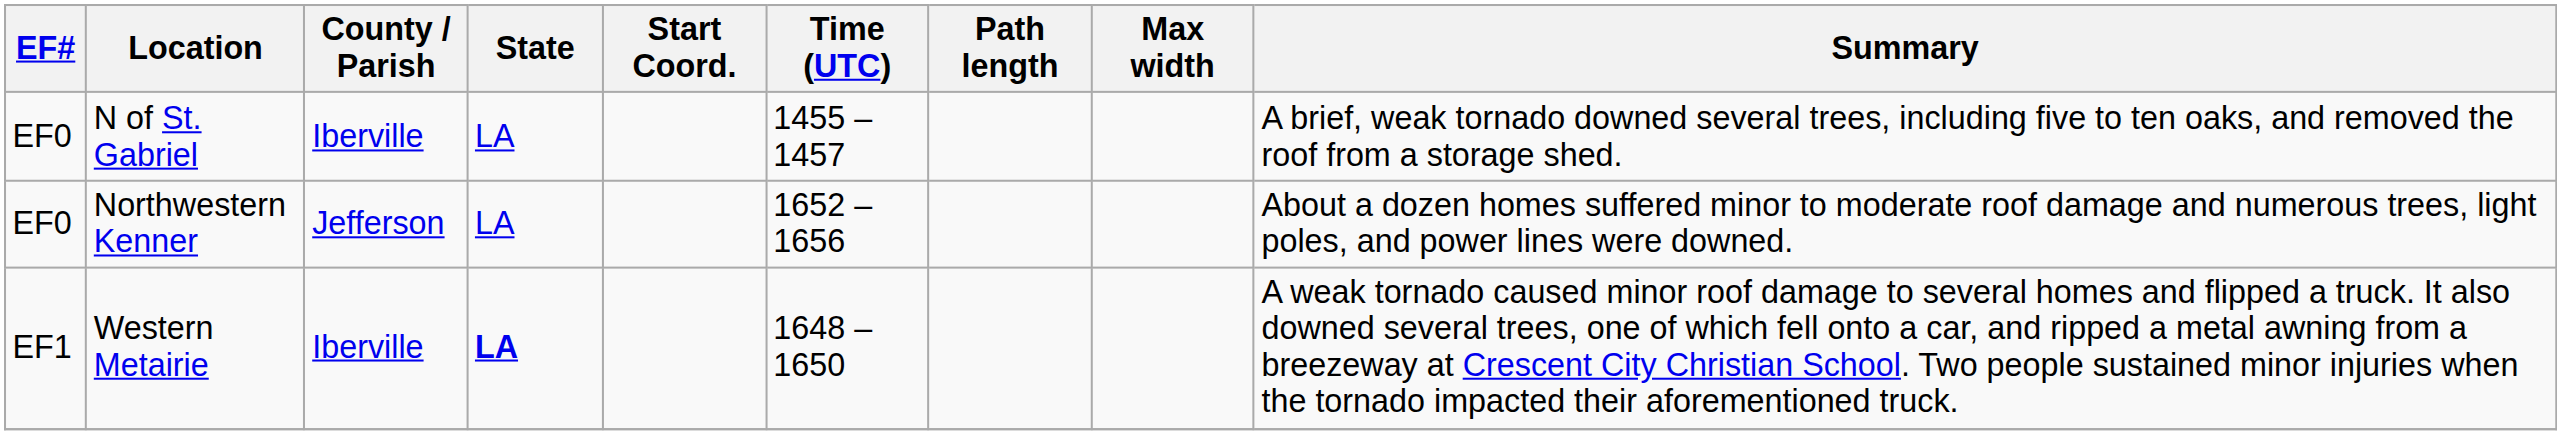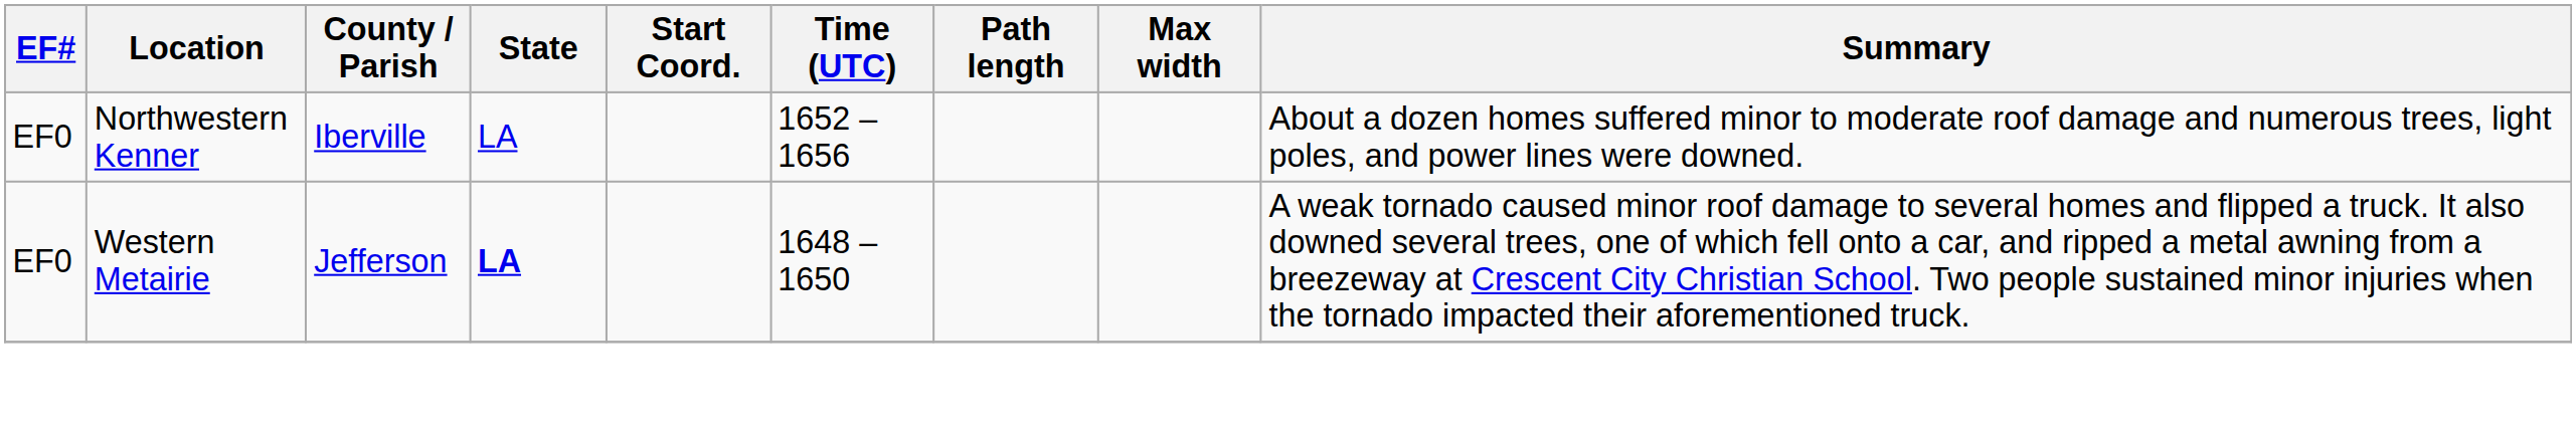 <table class="wikitable sortable" style="width:100%;">
 <tr>
 <th scope="col"  style="width:3%; text-align:center;"><a href='#'>EF#</a></th>
 <th scope="col"  style="width:7%; text-align:center;" class="unsortable">Location</th>
 <th scope="col"  style="width:6%; text-align:center;" class="unsortable">County / Parish</th>
 <th scope="col"  style="width:5%; text-align:center;">State</th>
 <th scope="col"  style="width:6%; text-align:center;">Start Coord.</th>
 <th scope="col"  style="width:6%; text-align:center;">Time (<a href='#'>UTC</a>)</th>
 <th scope="col"  style="width:6%; text-align:center;">Path length</th>
 <th scope="col"  style="width:6%; text-align:center;">Max width</th>
 <th scope="col" class="unsortable" style="width:48%; text-align:center;">Summary</th>
 </tr>
 <tr>
 <td>EF0</td>
-<td>N of <a href='#'>St. Gabriel</a></td>
+<td>Northwestern <a href='#'>Kenner</a></td>
 <td><a href='#'>Iberville</a></td>
-<td><a href='#'>LA</a></td>
-<td></td>
-<td>1455 – 1457</td>
-<td></td>
-<td></td>
-<td>A brief, weak tornado downed several trees, including five to ten oaks, and removed the roof from a storage shed.</td>
-</tr>
-<tr>
-<td>EF0</td>
-<td>Northwestern <a href='#'>Kenner</a></td>
-<td><a href='#'>Jefferson</a></td>
 <td><a href='#'>LA</a></td>
 <td></td>
 <td>1652 – 1656</td>
 <td></td>
 <td></td>
 <td>About a dozen homes suffered minor to moderate roof damage and numerous trees, light poles, and power lines were downed.</td>
 </tr>
 <tr>
-<td>EF1</td>
+<td>EF0</td>
 <td>Western <a href='#'>Metairie</a></td>
-<td><a href='#'>Iberville</a></td>
+<td><a href='#'>Jefferson</a></td>
 <td><strong><a href='#'>LA</a></strong></td>
 <td></td>
 <td>1648 – 1650</td>
 <td></td>
 <td></td>
 <td>A weak tornado caused minor roof damage to several homes and flipped a truck. It also downed several trees, one of which fell onto a car, and ripped a metal awning from a breezeway at <a href='#'>Crescent City Christian School</a>. Two people sustained minor injuries when the tornado impacted their aforementioned truck.</td>
 </tr>
 <tr>
 </tr>
 </table>
